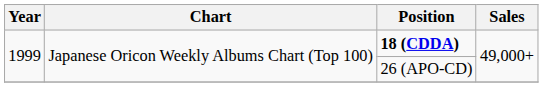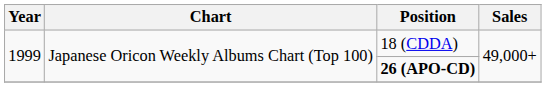 <table class="wikitable">
 <tr>
 <th>Year</th>
 <th>Chart</th>
 <th>Position</th>
 <th>Sales</th>
 </tr>
 <tr>
 <td rowspan=2>1999</td>
 <td rowspan=2>Japanese Oricon Weekly Albums Chart (Top 100)</td>
-<td><strong>18 (<a href='#'>CDDA</a>)</strong></td>
+<td>18 (<a href='#'>CDDA</a>)</td>
 <td rowspan=2>49,000+</td>
 </tr>
 <tr>
-<td>26 (APO-CD)</td>
+<td><strong>26 (APO-CD)</strong></td>
 </tr>
 <tr>
 </tr>
 </table>
